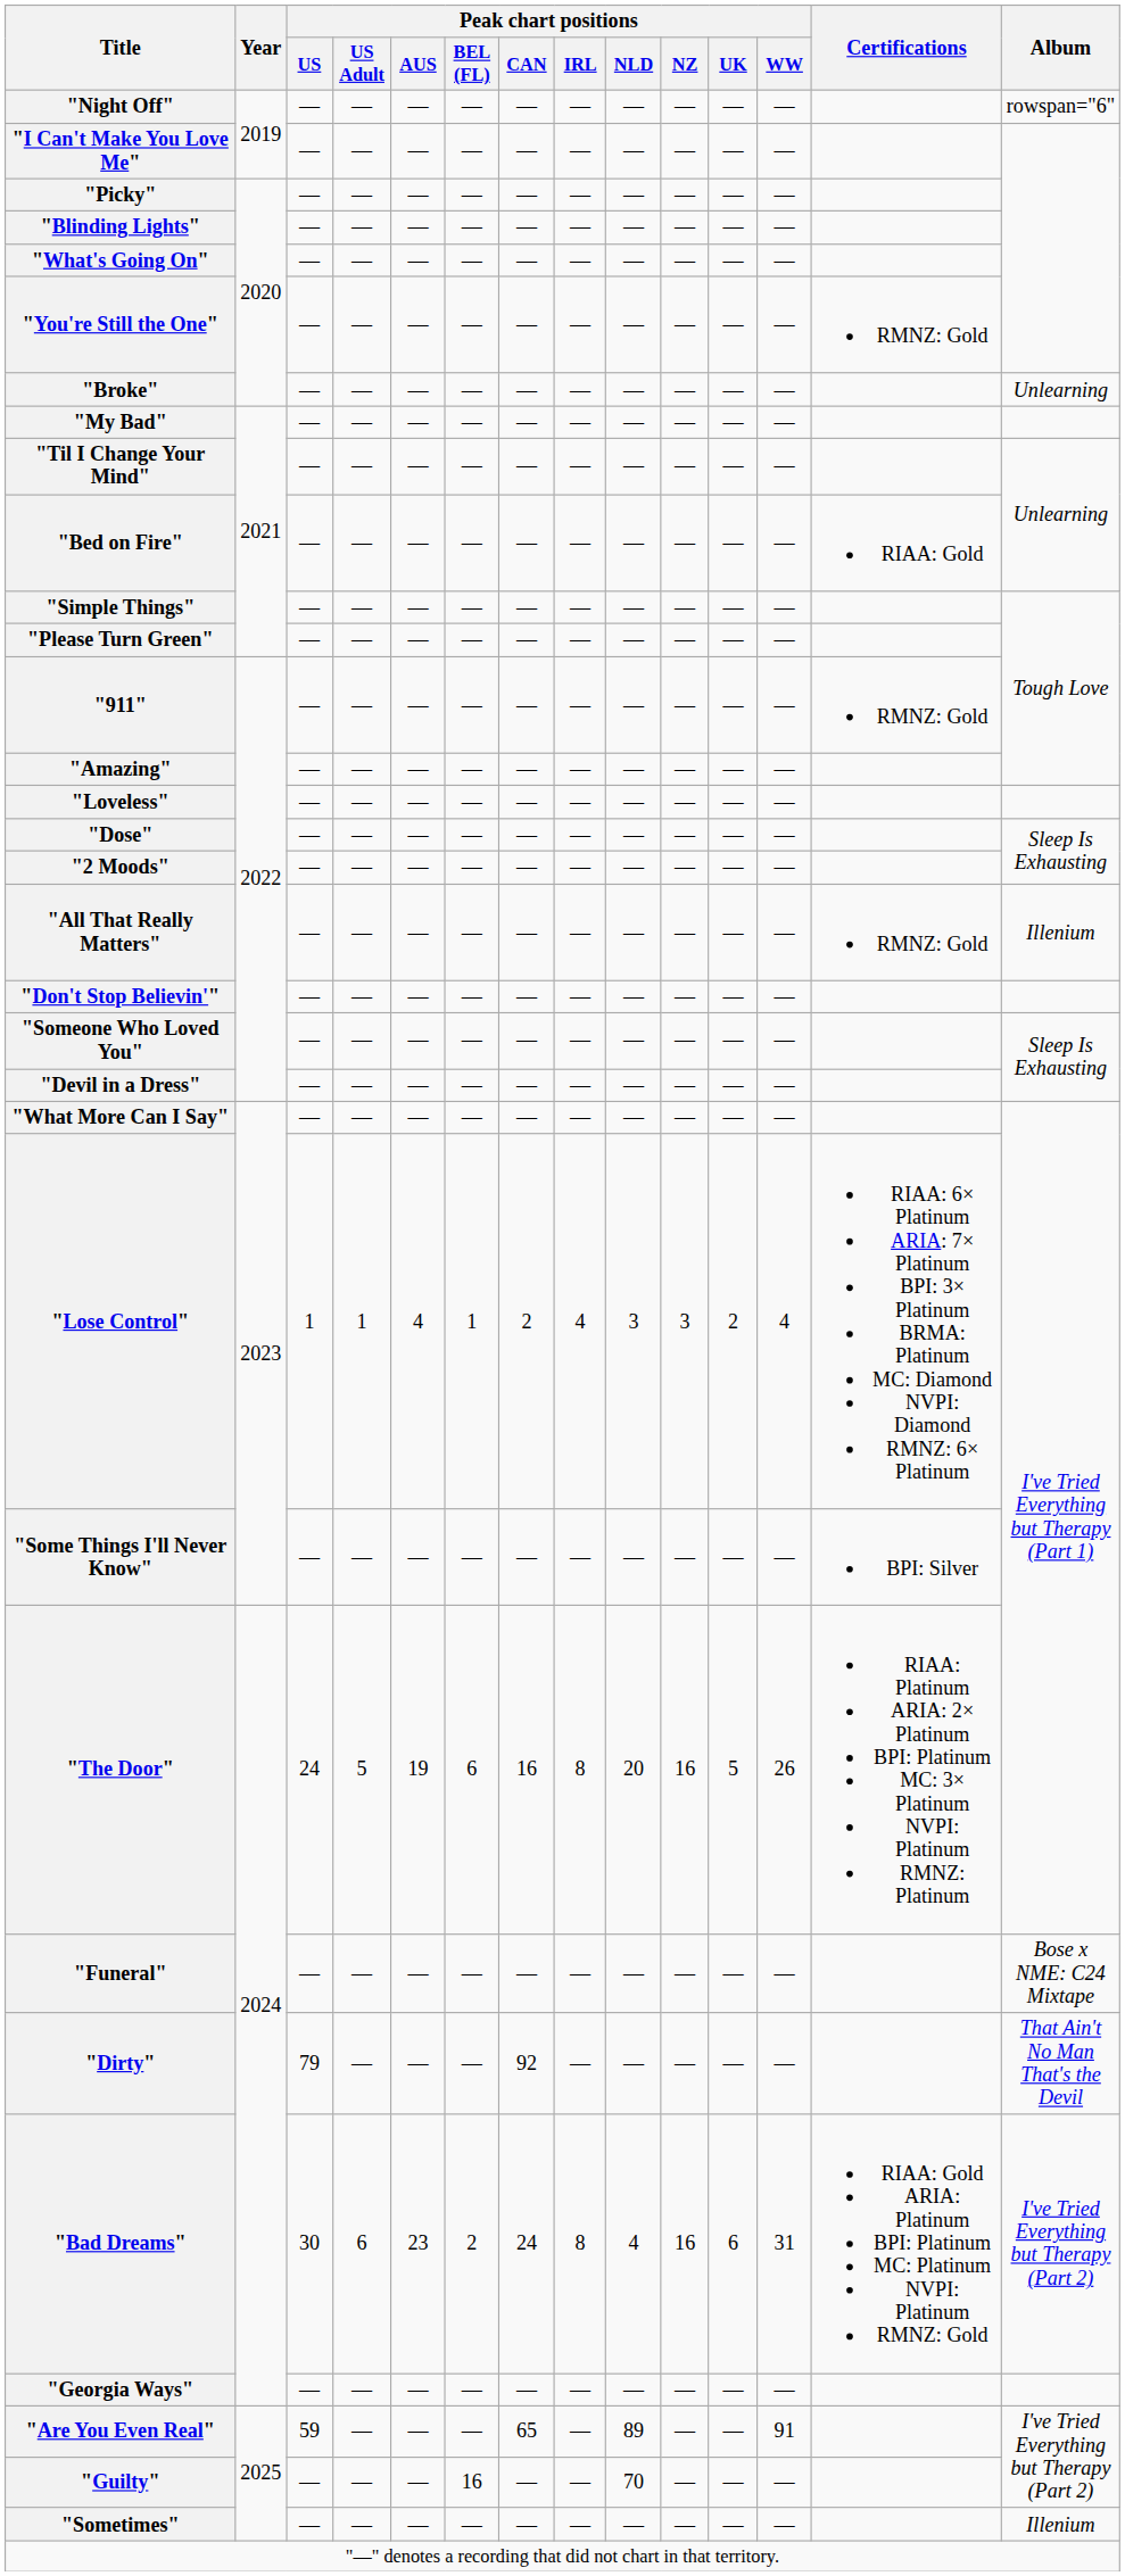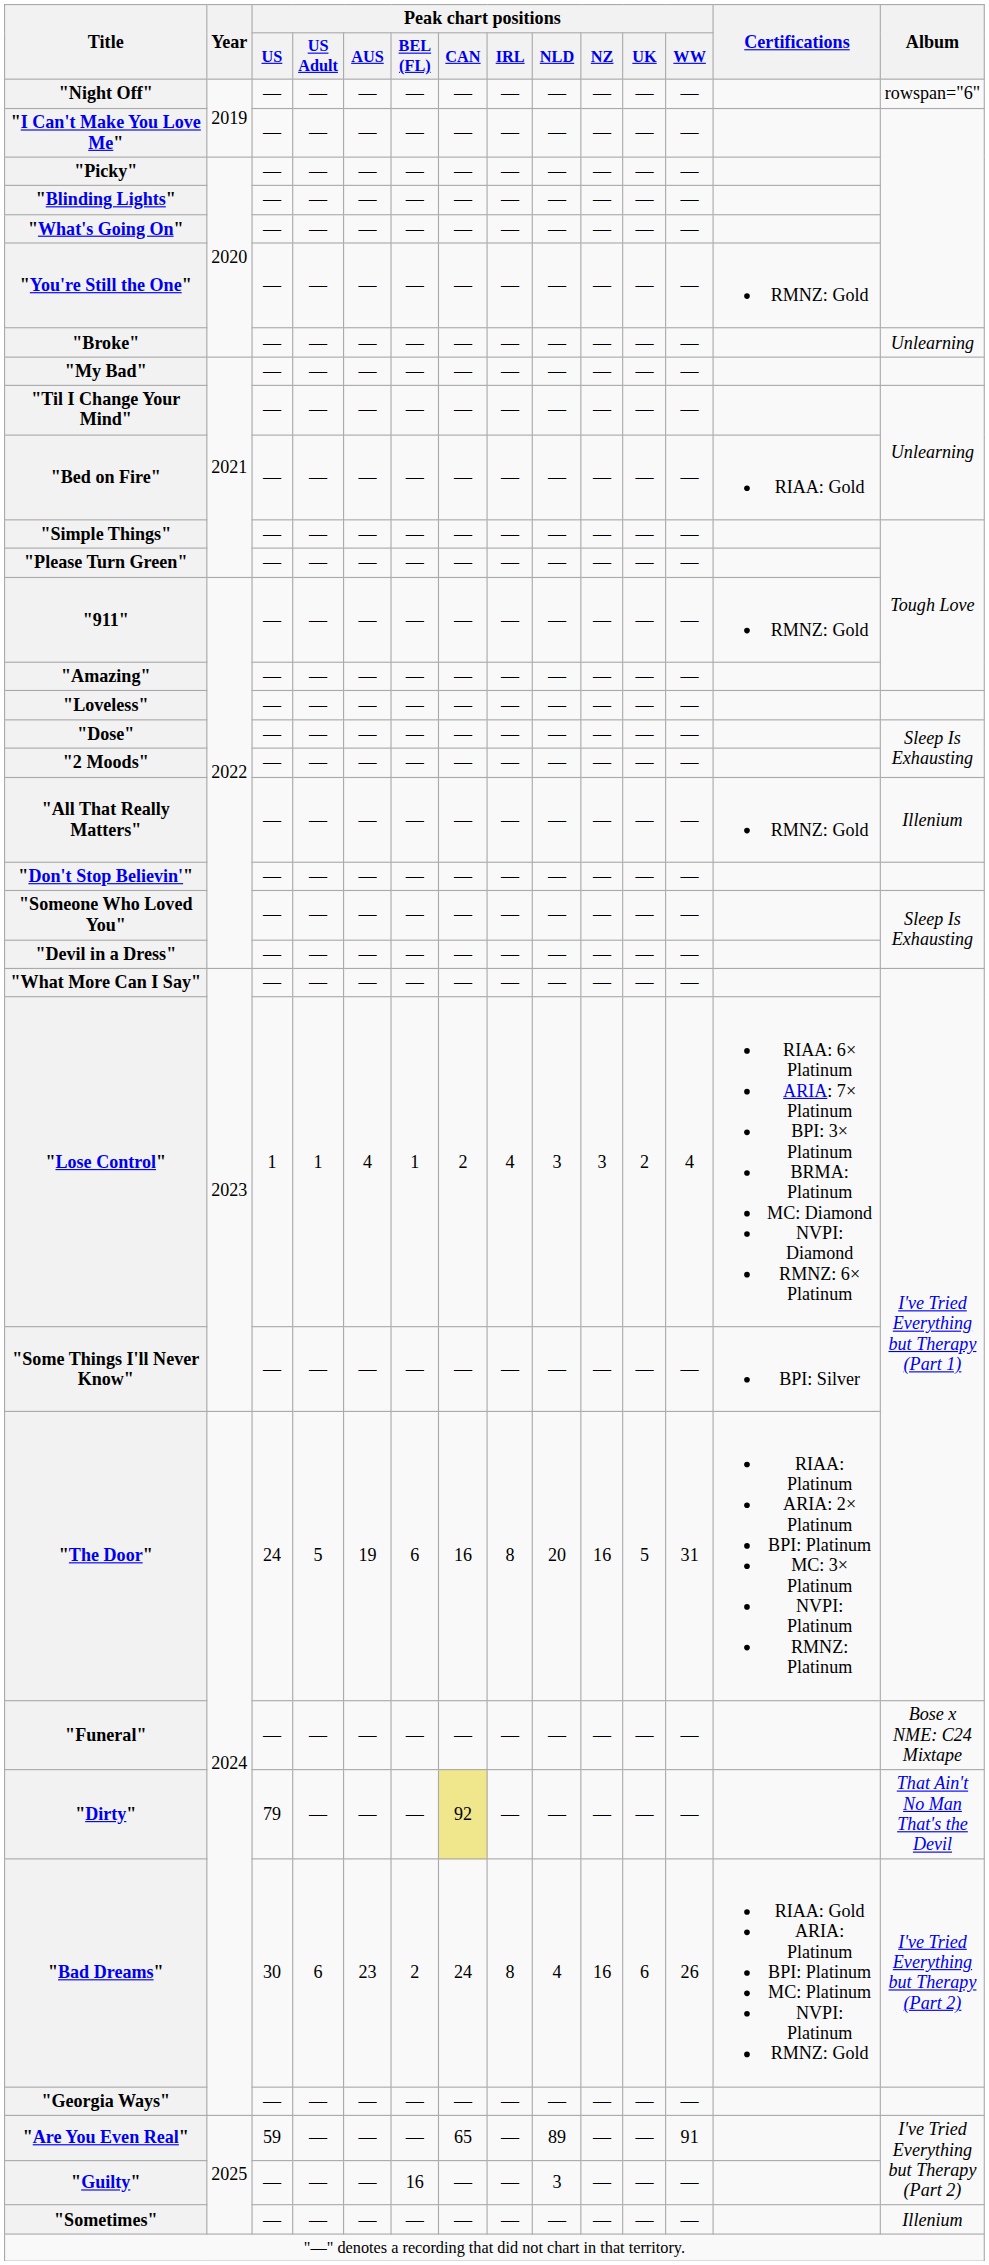 <table class="wikitable plainrowheaders" style="text-align:center;">
 <tr>
 <th scope="col" rowspan="2" style="width:17em;">Title</th>
 <th scope="col" rowspan="2" style="width:1em;">Year</th>
 <th scope="col" colspan="10">Peak chart positions</th>
 <th scope="col" rowspan="2" style="width:12em;"><a href='#'>Certifications</a></th>
 <th scope="col" rowspan="2">Album</th>
 </tr>
 <tr>
 <th scope="col" style="width:3em;font-size:90%;"><a href='#'>US</a><br></th>
 <th scope="col" style="width:3em;font-size:90%;"><a href='#'>US<br>Adult</a><br></th>
 <th scope="col" style="width:3em;font-size:90%;"><a href='#'>AUS</a><br></th>
 <th scope="col" style="width:3em;font-size:90%;"><a href='#'>BEL<br>(FL)</a><br></th>
 <th scope="col" style="width:3em;font-size:90%;"><a href='#'>CAN</a><br></th>
 <th scope="col" style="width:3em;font-size:90%;"><a href='#'>IRL</a><br></th>
 <th scope="col" style="width:3em;font-size:90%;"><a href='#'>NLD</a><br></th>
 <th scope="col" style="width:3em;font-size:90%;"><a href='#'>NZ</a><br></th>
 <th scope="col" style="width:3em;font-size:90%;"><a href='#'>UK</a><br></th>
 <th scope="col" style="width:3em;font-size:90%;"><a href='#'>WW</a><br></th>
 </tr>
 <tr>
 <th scope="row">"Night Off"</th>
 <td rowspan="2">2019</td>
 <td>—</td>
 <td>—</td>
 <td>—</td>
 <td>—</td>
 <td>—</td>
 <td>—</td>
 <td>—</td>
 <td>—</td>
 <td>—</td>
 <td>—</td>
 <td></td>
 <td>rowspan="6" </td>
 </tr>
 <tr>
 <th scope="row">"<a href='#'>I Can't Make You Love Me</a>"</th>
 <td>—</td>
 <td>—</td>
 <td>—</td>
 <td>—</td>
 <td>—</td>
 <td>—</td>
 <td>—</td>
 <td>—</td>
 <td>—</td>
 <td>—</td>
 <td></td>
 </tr>
 <tr>
 <th scope="row">"Picky"</th>
 <td rowspan="5">2020</td>
 <td>—</td>
 <td>—</td>
 <td>—</td>
 <td>—</td>
 <td>—</td>
 <td>—</td>
 <td>—</td>
 <td>—</td>
 <td>—</td>
 <td>—</td>
 <td></td>
 </tr>
 <tr>
 <th scope="row">"<a href='#'>Blinding Lights</a>"</th>
 <td>—</td>
 <td>—</td>
 <td>—</td>
 <td>—</td>
 <td>—</td>
 <td>—</td>
 <td>—</td>
 <td>—</td>
 <td>—</td>
 <td>—</td>
 <td></td>
 </tr>
 <tr>
 <th scope="row">"<a href='#'>What's Going On</a>"</th>
 <td>—</td>
 <td>—</td>
 <td>—</td>
 <td>—</td>
 <td>—</td>
 <td>—</td>
 <td>—</td>
 <td>—</td>
 <td>—</td>
 <td>—</td>
 <td></td>
 </tr>
 <tr>
 <th scope="row">"<a href='#'>You're Still the One</a>"</th>
 <td>—</td>
 <td>—</td>
 <td>—</td>
 <td>—</td>
 <td>—</td>
 <td>—</td>
 <td>—</td>
 <td>—</td>
 <td>—</td>
 <td>—</td>
 <td><br><ul><li>RMNZ: Gold</li></ul></td>
 </tr>
 <tr>
 <th scope="row">"Broke" <br></th>
 <td>—</td>
 <td>—</td>
 <td>—</td>
 <td>—</td>
 <td>—</td>
 <td>—</td>
 <td>—</td>
 <td>—</td>
 <td>—</td>
 <td>—</td>
 <td></td>
 <td><em>Unlearning</em></td>
 </tr>
 <tr>
 <th scope="row">"My Bad"</th>
 <td rowspan="5">2021</td>
 <td>—</td>
 <td>—</td>
 <td>—</td>
 <td>—</td>
 <td>—</td>
 <td>—</td>
 <td>—</td>
 <td>—</td>
 <td>—</td>
 <td>—</td>
 <td></td>
 <td></td>
 </tr>
 <tr>
 <th scope="row">"Til I Change Your Mind"</th>
 <td>—</td>
 <td>—</td>
 <td>—</td>
 <td>—</td>
 <td>—</td>
 <td>—</td>
 <td>—</td>
 <td>—</td>
 <td>—</td>
 <td>—</td>
 <td></td>
 <td rowspan="2"><em>Unlearning</em></td>
 </tr>
 <tr>
 <th scope="row">"Bed on Fire"</th>
 <td>—</td>
 <td>—</td>
 <td>—</td>
 <td>—</td>
 <td>—</td>
 <td>—</td>
 <td>—</td>
 <td>—</td>
 <td>—</td>
 <td>—</td>
 <td><br><ul><li>RIAA: Gold</li></ul></td>
 </tr>
 <tr>
 <th scope="row">"Simple Things"</th>
 <td>—</td>
 <td>—</td>
 <td>—</td>
 <td>—</td>
 <td>—</td>
 <td>—</td>
 <td>—</td>
 <td>—</td>
 <td>—</td>
 <td>—</td>
 <td></td>
 <td rowspan="4"><em>Tough Love</em></td>
 </tr>
 <tr>
 <th scope="row">"Please Turn Green"</th>
 <td>—</td>
 <td>—</td>
 <td>—</td>
 <td>—</td>
 <td>—</td>
 <td>—</td>
 <td>—</td>
 <td>—</td>
 <td>—</td>
 <td>—</td>
 <td></td>
 </tr>
 <tr>
 <th scope="row">"911"</th>
 <td rowspan=9>2022</td>
 <td>—</td>
 <td>—</td>
 <td>—</td>
 <td>—</td>
 <td>—</td>
 <td>—</td>
 <td>—</td>
 <td>—</td>
 <td>—</td>
 <td>—</td>
 <td><br><ul><li>RMNZ: Gold</li></ul></td>
 </tr>
 <tr>
 <th scope="row">"Amazing"</th>
 <td>—</td>
 <td>—</td>
 <td>—</td>
 <td>—</td>
 <td>—</td>
 <td>—</td>
 <td>—</td>
 <td>—</td>
 <td>—</td>
 <td>—</td>
 <td></td>
 </tr>
 <tr>
 <th scope="row">"Loveless"<br></th>
 <td>—</td>
 <td>—</td>
 <td>—</td>
 <td>—</td>
 <td>—</td>
 <td>—</td>
 <td>—</td>
 <td>—</td>
 <td>—</td>
 <td>—</td>
 <td></td>
 <td></td>
 </tr>
 <tr>
 <th scope="row">"Dose"</th>
 <td>—</td>
 <td>—</td>
 <td>—</td>
 <td>—</td>
 <td>—</td>
 <td>—</td>
 <td>—</td>
 <td>—</td>
 <td>—</td>
 <td>—</td>
 <td></td>
 <td rowspan="2"><em>Sleep Is Exhausting</em></td>
 </tr>
 <tr>
 <th scope="row">"2 Moods"</th>
 <td>—</td>
 <td>—</td>
 <td>—</td>
 <td>—</td>
 <td>—</td>
 <td>—</td>
 <td>—</td>
 <td>—</td>
 <td>—</td>
 <td>—</td>
 <td></td>
 </tr>
 <tr>
 <th scope="row">"All That Really Matters"<br></th>
 <td>—</td>
 <td>—</td>
 <td>—</td>
 <td>—</td>
 <td>—</td>
 <td>—</td>
 <td>—</td>
 <td>—</td>
 <td>—</td>
 <td>—</td>
 <td><br><ul><li>RMNZ: Gold</li></ul></td>
 <td><em>Illenium</em></td>
 </tr>
 <tr>
 <th scope="row">"<a href='#'>Don't Stop Believin'</a>"</th>
 <td>—</td>
 <td>—</td>
 <td>—</td>
 <td>—</td>
 <td>—</td>
 <td>—</td>
 <td>—</td>
 <td>—</td>
 <td>—</td>
 <td>—</td>
 <td></td>
 <td></td>
 </tr>
 <tr>
 <th scope="row">"Someone Who Loved You"</th>
 <td>—</td>
 <td>—</td>
 <td>—</td>
 <td>—</td>
 <td>—</td>
 <td>—</td>
 <td>—</td>
 <td>—</td>
 <td>—</td>
 <td>—</td>
 <td></td>
 <td rowspan="2"><em>Sleep Is Exhausting</em></td>
 </tr>
 <tr>
 <th scope="row">"Devil in a Dress"</th>
 <td>—</td>
 <td>—</td>
 <td>—</td>
 <td>—</td>
 <td>—</td>
 <td>—</td>
 <td>—</td>
 <td>—</td>
 <td>—</td>
 <td>—</td>
 <td></td>
 </tr>
 <tr>
 <th scope="row">"What More Can I Say"</th>
 <td rowspan="3">2023</td>
 <td>—</td>
 <td>—</td>
 <td>—</td>
 <td>—</td>
 <td>—</td>
 <td>—</td>
 <td>—</td>
 <td>—</td>
 <td>—</td>
 <td>—</td>
 <td></td>
 <td rowspan="4"><em><a href='#'>I've Tried Everything but Therapy (Part 1)</a></em></td>
 </tr>
 <tr>
 <th scope="row">"<a href='#'>Lose Control</a>"</th>
 <td>1</td>
 <td>1</td>
 <td>4</td>
 <td>1</td>
 <td>2</td>
 <td>4</td>
 <td>3</td>
 <td>3</td>
 <td>2</td>
 <td>4</td>
 <td><br><ul><li>RIAA: 6× Platinum</li><li><a href='#'>ARIA</a>: 7× Platinum</li><li>BPI: 3× Platinum</li><li>BRMA: Platinum</li><li>MC: Diamond</li><li>NVPI: Diamond</li><li>RMNZ: 6× Platinum</li></ul></td>
 </tr>
 <tr>
 <th scope="row">"Some Things I'll Never Know"<br></th>
 <td>—</td>
 <td>—</td>
 <td>—</td>
 <td>—</td>
 <td>—</td>
 <td>—</td>
 <td>—</td>
 <td>—</td>
 <td>—</td>
 <td>—</td>
 <td><br><ul><li>BPI: Silver</li></ul></td>
 </tr>
 <tr>
 <th scope="row">"<a href='#'>The Door</a>"</th>
 <td rowspan="5">2024</td>
 <td>24</td>
 <td>5</td>
 <td>19</td>
 <td>6</td>
 <td>16</td>
 <td>8</td>
 <td>20</td>
 <td>16</td>
 <td>5</td>
-<td>26</td>
+<td>31</td>
 <td><br><ul><li>RIAA: Platinum</li><li>ARIA: 2× Platinum</li><li>BPI: Platinum</li><li>MC: 3× Platinum</li><li>NVPI: Platinum</li><li>RMNZ: Platinum</li></ul></td>
 </tr>
 <tr>
 <th scope="row">"Funeral"</th>
 <td>—</td>
 <td>—</td>
 <td>—</td>
 <td>—</td>
 <td>—</td>
 <td>—</td>
 <td>—</td>
 <td>—</td>
 <td>—</td>
 <td>—</td>
 <td></td>
 <td><em>Bose x NME: C24 Mixtape</em></td>
 </tr>
 <tr>
 <th scope="row">"<a href='#'>Dirty</a>"<br></th>
 <td>79</td>
 <td>—</td>
 <td>—</td>
 <td>—</td>
-<td>92</td>
+<td style="background: khaki;">92</td>
 <td>—</td>
 <td>—</td>
 <td>—</td>
 <td>—</td>
 <td>—</td>
 <td></td>
 <td><em><a href='#'>That Ain't No Man That's the Devil</a></em></td>
 </tr>
 <tr>
 <th scope="row">"<a href='#'>Bad Dreams</a>"</th>
 <td>30</td>
 <td>6</td>
 <td>23</td>
 <td>2</td>
 <td>24</td>
 <td>8</td>
 <td>4</td>
 <td>16<br></td>
 <td>6</td>
-<td>31</td>
+<td>26</td>
 <td><br><ul><li>RIAA: Gold</li><li>ARIA: Platinum</li><li>BPI: Platinum</li><li>MC: Platinum</li><li>NVPI: Platinum</li><li>RMNZ: Gold</li></ul></td>
 <td><em><a href='#'>I've Tried Everything but Therapy (Part 2)</a></em></td>
 </tr>
 <tr>
 <th scope="row">"Georgia Ways"<br></th>
 <td>—</td>
 <td>—</td>
 <td>—</td>
 <td>—</td>
 <td>—</td>
 <td>—</td>
 <td>—</td>
 <td>—</td>
 <td>—</td>
 <td>—</td>
 <td></td>
 <td></td>
 </tr>
 <tr>
 <th scope="row">"<a href='#'>Are You Even Real</a>"<br></th>
 <td rowspan="3">2025</td>
 <td>59</td>
 <td>—</td>
 <td>—</td>
 <td>—</td>
 <td>65</td>
 <td>—</td>
 <td>89</td>
 <td>—</td>
 <td>—</td>
 <td>91</td>
 <td></td>
 <td rowspan="2"><em>I've Tried Everything but Therapy (Part 2)</em></td>
 </tr>
 <tr>
 <th scope="row">"<a href='#'>Guilty</a>"</th>
 <td>—</td>
 <td>—</td>
 <td>—</td>
 <td>16</td>
 <td>—</td>
 <td>—</td>
-<td>70</td>
+<td>3</td>
 <td>—</td>
 <td>—</td>
 <td>—</td>
 <td></td>
 </tr>
 <tr>
 <th scope="row">"Sometimes"<br></th>
 <td>—</td>
 <td>—</td>
 <td>—</td>
 <td>—</td>
 <td>—</td>
 <td>—</td>
 <td>—</td>
 <td>—</td>
 <td>—</td>
 <td>—</td>
 <td></td>
 <td><em>Illenium</em></td>
 </tr>
 <tr>
 <td colspan="14" style="font-size:90%">"—" denotes a recording that did not chart in that territory.</td>
 </tr>
 </table>
